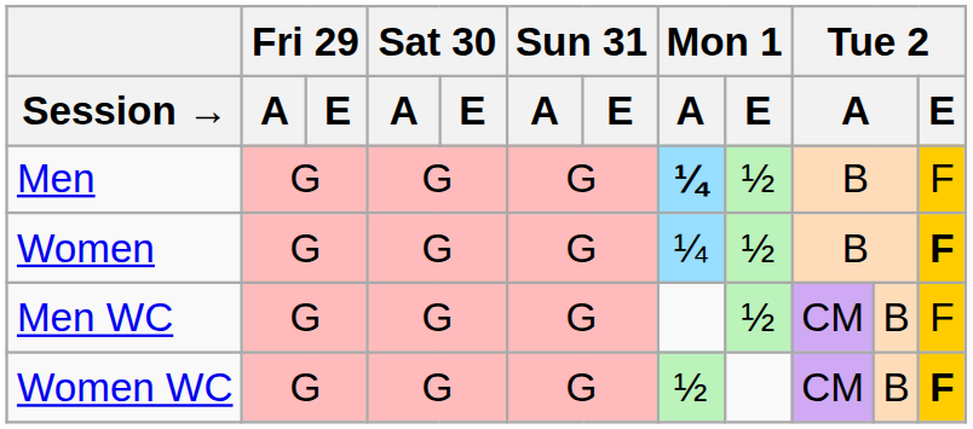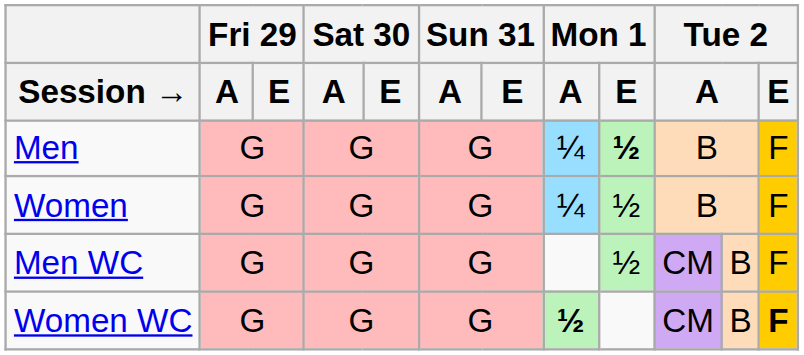 <table class="wikitable" style="margin:0.5em auto; font-size:90%; line-height:1.25em; text-align:center;">
 <tr>
 <th></th>
 <th colspan=2>Fri 29</th>
 <th colspan=2>Sat 30</th>
 <th colspan=2>Sun 31</th>
 <th colspan=2>Mon 1</th>
 <th colspan=3>Tue 2</th>
 </tr>
 <tr>
 <th>Session →</th>
 <th>A</th>
 <th>E</th>
 <th>A</th>
 <th>E</th>
 <th>A</th>
 <th>E</th>
 <th>A</th>
 <th>E</th>
 <th colspan=2>A</th>
 <th>E</th>
 </tr>
 <tr>
 <td style="text-align:left;"><a href='#'>Men</a></td>
 <td colspan="2" style="background-color:#FFBBBB;">G</td>
 <td colspan="2" style="background-color:#FFBBBB;">G</td>
 <td colspan="2" style="background-color:#FFBBBB;">G</td>
-<td style="background-color:#97DEFF;"><strong>¼</strong></td>
-<td style="background-color:#BBF3BB;">½</td>
+<td style="background-color:#97DEFF;">¼</td>
+<td style="background-color:#BBF3BB;"><strong>½</strong></td>
 <td colspan="2" style="background-color:#FEDCBA;">B</td>
 <td style="background-color:#FFCC00;">F</td>
 </tr>
 <tr>
 <td style="text-align:left;"><a href='#'>Women</a></td>
 <td colspan="2" style="background-color:#FFBBBB;">G</td>
 <td colspan="2" style="background-color:#FFBBBB;">G</td>
 <td colspan="2" style="background-color:#FFBBBB;">G</td>
 <td style="background-color:#97DEFF;">¼</td>
 <td style="background-color:#BBF3BB;">½</td>
 <td colspan="2" style="background-color:#FEDCBA;">B</td>
-<td style="background-color:#FFCC00;"><strong>F</strong></td>
+<td style="background-color:#FFCC00;">F</td>
 </tr>
 <tr>
 <td style="text-align:left;"><a href='#'>Men WC</a></td>
 <td colspan="2" style="background-color:#FFBBBB;">G</td>
 <td colspan="2" style="background-color:#FFBBBB;">G</td>
 <td colspan="2" style="background-color:#FFBBBB;">G</td>
 <td></td>
 <td style="background-color:#BBF3BB;">½</td>
 <td style="background-color:#D0A9F5;">CM</td>
 <td style="background-color:#FEDCBA;">B</td>
 <td style="background-color:#FFCC00;">F</td>
 </tr>
 <tr>
 <td style="text-align:left;"><a href='#'>Women WC</a></td>
 <td colspan="2" style="background-color:#FFBBBB;">G</td>
 <td colspan="2" style="background-color:#FFBBBB;">G</td>
 <td colspan="2" style="background-color:#FFBBBB;">G</td>
-<td style="background-color:#BBF3BB;">½</td>
+<td style="background-color:#BBF3BB;"><strong>½</strong></td>
 <td></td>
 <td style="background-color:#D0A9F5;">CM</td>
 <td style="background-color:#FEDCBA;">B</td>
 <td style="background-color:#FFCC00;"><strong>F</strong></td>
 </tr>
 </table>
